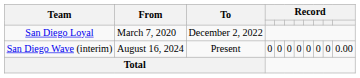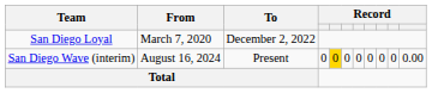 <table class="wikitable" style="text-align:center">
 <tr>
 <th rowspan="2">Team</th>
 <th rowspan="2">From</th>
 <th rowspan="2">To</th>
 <th colspan="8">Record</th>
 </tr>
 <tr>
 <th></th>
 <th></th>
 <th></th>
 <th></th>
 <th></th>
 <th></th>
 <th></th>
 <th></th>
 </tr>
 <tr>
 <td><a href='#'>San Diego Loyal</a></td>
 <td align=left>March 7, 2020</td>
 <td align=left>December 2, 2022<br></td>
 </tr>
 <tr>
 <td><a href='#'>San Diego Wave</a> (interim)</td>
 <td>August 16, 2024</td>
 <td>Present</td>
 <td>0</td>
-<td>0</td>
+<td style="background: gold;">0</td>
 <td>0</td>
 <td>0</td>
 <td>0</td>
 <td>0</td>
 <td>0</td>
 <td>0.00</td>
 </tr>
 <tr>
 <th colspan="3">Total<br></th>
 </tr>
 </table>
